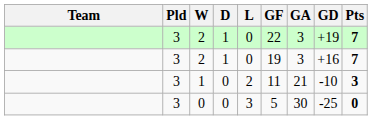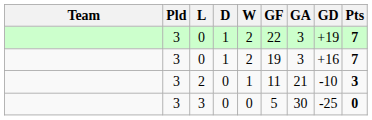 <table class="wikitable" style="text-align: center;">
 <tr>
 <th style="width:175px;">Team</th>
 <th width="20">Pld</th>
+<th width="20">L</th>
+<th width="20">D</th>
 <th width="20">W</th>
-<th width="20">D</th>
-<th width="20">L</th>
 <th width="20">GF</th>
 <th width="20">GA</th>
 <th width="20">GD</th>
 <th width="20">Pts</th>
 </tr>
 <tr style="background:#cfc;">
 <td style="text-align:left;"></td>
 <td>3</td>
+<td>0</td>
+<td>1</td>
 <td>2</td>
-<td>1</td>
-<td>0</td>
 <td>22</td>
 <td>3</td>
 <td>+19</td>
 <td><strong>7</strong></td>
 </tr>
 <tr align=center>
 <td style="text-align:left;"></td>
 <td>3</td>
+<td>0</td>
+<td>1</td>
 <td>2</td>
-<td>1</td>
-<td>0</td>
 <td>19</td>
 <td>3</td>
 <td>+16</td>
 <td><strong>7</strong></td>
 </tr>
 <tr align=center>
 <td style="text-align:left;"></td>
 <td>3</td>
+<td>2</td>
+<td>0</td>
 <td>1</td>
-<td>0</td>
-<td>2</td>
 <td>11</td>
 <td>21</td>
 <td>-10</td>
 <td><strong>3</strong></td>
 </tr>
 <tr align=center>
 <td style="text-align:left;"></td>
 <td>3</td>
+<td>3</td>
 <td>0</td>
 <td>0</td>
-<td>3</td>
 <td>5</td>
 <td>30</td>
 <td>-25</td>
 <td><strong>0</strong></td>
 </tr>
 </table>
